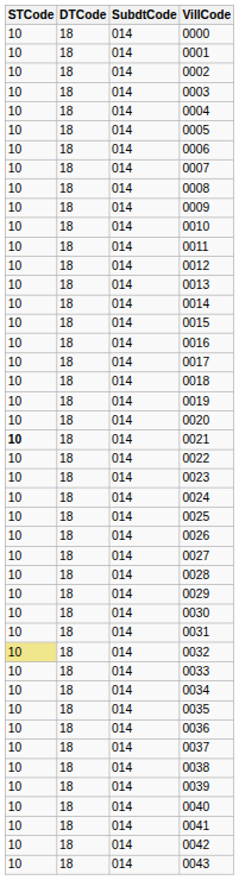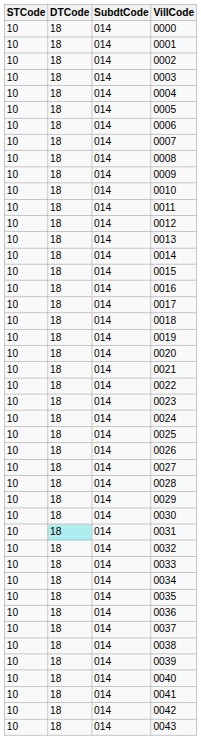 <table class="wikitable">
 <tr>
 <th>STCode</th>
 <th>DTCode</th>
 <th>SubdtCode</th>
 <th>VillCode</th>
 </tr>
 <tr>
 <td>10</td>
 <td>18</td>
 <td>014</td>
 <td>0000</td>
 </tr>
 <tr>
 <td>10</td>
 <td>18</td>
 <td>014</td>
 <td>0001</td>
 </tr>
 <tr>
 <td>10</td>
 <td>18</td>
 <td>014</td>
 <td>0002</td>
 </tr>
 <tr>
 <td>10</td>
 <td>18</td>
 <td>014</td>
 <td>0003</td>
 </tr>
 <tr>
 <td>10</td>
 <td>18</td>
 <td>014</td>
 <td>0004</td>
 </tr>
 <tr>
 <td>10</td>
 <td>18</td>
 <td>014</td>
 <td>0005</td>
 </tr>
 <tr>
 <td>10</td>
 <td>18</td>
 <td>014</td>
 <td>0006</td>
 </tr>
 <tr>
 <td>10</td>
 <td>18</td>
 <td>014</td>
 <td>0007</td>
 </tr>
 <tr>
 <td>10</td>
 <td>18</td>
 <td>014</td>
 <td>0008</td>
 </tr>
 <tr>
 <td>10</td>
 <td>18</td>
 <td>014</td>
 <td>0009</td>
 </tr>
 <tr>
 <td>10</td>
 <td>18</td>
 <td>014</td>
 <td>0010</td>
 </tr>
 <tr>
 <td>10</td>
 <td>18</td>
 <td>014</td>
 <td>0011</td>
 </tr>
 <tr>
 <td>10</td>
 <td>18</td>
 <td>014</td>
 <td>0012</td>
 </tr>
 <tr>
 <td>10</td>
 <td>18</td>
 <td>014</td>
 <td>0013</td>
 </tr>
 <tr>
 <td>10</td>
 <td>18</td>
 <td>014</td>
 <td>0014</td>
 </tr>
 <tr>
 <td>10</td>
 <td>18</td>
 <td>014</td>
 <td>0015</td>
 </tr>
 <tr>
 <td>10</td>
 <td>18</td>
 <td>014</td>
 <td>0016</td>
 </tr>
 <tr>
 <td>10</td>
 <td>18</td>
 <td>014</td>
 <td>0017</td>
 </tr>
 <tr>
 <td>10</td>
 <td>18</td>
 <td>014</td>
 <td>0018</td>
 </tr>
 <tr>
 <td>10</td>
 <td>18</td>
 <td>014</td>
 <td>0019</td>
 </tr>
 <tr>
 <td>10</td>
 <td>18</td>
 <td>014</td>
 <td>0020</td>
 </tr>
 <tr>
-<td><strong>10</strong></td>
+<td>10</td>
 <td>18</td>
 <td>014</td>
 <td>0021</td>
 </tr>
 <tr>
 <td>10</td>
 <td>18</td>
 <td>014</td>
 <td>0022</td>
 </tr>
 <tr>
 <td>10</td>
 <td>18</td>
 <td>014</td>
 <td>0023</td>
 </tr>
 <tr>
 <td>10</td>
 <td>18</td>
 <td>014</td>
 <td>0024</td>
 </tr>
 <tr>
 <td>10</td>
 <td>18</td>
 <td>014</td>
 <td>0025</td>
 </tr>
 <tr>
 <td>10</td>
 <td>18</td>
 <td>014</td>
 <td>0026</td>
 </tr>
 <tr>
 <td>10</td>
 <td>18</td>
 <td>014</td>
 <td>0027</td>
 </tr>
 <tr>
 <td>10</td>
 <td>18</td>
 <td>014</td>
 <td>0028</td>
 </tr>
 <tr>
 <td>10</td>
 <td>18</td>
 <td>014</td>
 <td>0029</td>
 </tr>
 <tr>
 <td>10</td>
 <td>18</td>
 <td>014</td>
 <td>0030</td>
 </tr>
 <tr>
 <td>10</td>
-<td>18</td>
+<td style="background: paleturquoise;">18</td>
 <td>014</td>
 <td>0031</td>
 </tr>
 <tr>
-<td style="background: khaki;">10</td>
+<td>10</td>
 <td>18</td>
 <td>014</td>
 <td>0032</td>
 </tr>
 <tr>
 <td>10</td>
 <td>18</td>
 <td>014</td>
 <td>0033</td>
 </tr>
 <tr>
 <td>10</td>
 <td>18</td>
 <td>014</td>
 <td>0034</td>
 </tr>
 <tr>
 <td>10</td>
 <td>18</td>
 <td>014</td>
 <td>0035</td>
 </tr>
 <tr>
 <td>10</td>
 <td>18</td>
 <td>014</td>
 <td>0036</td>
 </tr>
 <tr>
 <td>10</td>
 <td>18</td>
 <td>014</td>
 <td>0037</td>
 </tr>
 <tr>
 <td>10</td>
 <td>18</td>
 <td>014</td>
 <td>0038</td>
 </tr>
 <tr>
 <td>10</td>
 <td>18</td>
 <td>014</td>
 <td>0039</td>
 </tr>
 <tr>
 <td>10</td>
 <td>18</td>
 <td>014</td>
 <td>0040</td>
 </tr>
 <tr>
 <td>10</td>
 <td>18</td>
 <td>014</td>
 <td>0041</td>
 </tr>
 <tr>
 <td>10</td>
 <td>18</td>
 <td>014</td>
 <td>0042</td>
 </tr>
 <tr>
 <td>10</td>
 <td>18</td>
 <td>014</td>
 <td>0043</td>
 </tr>
 </table>
